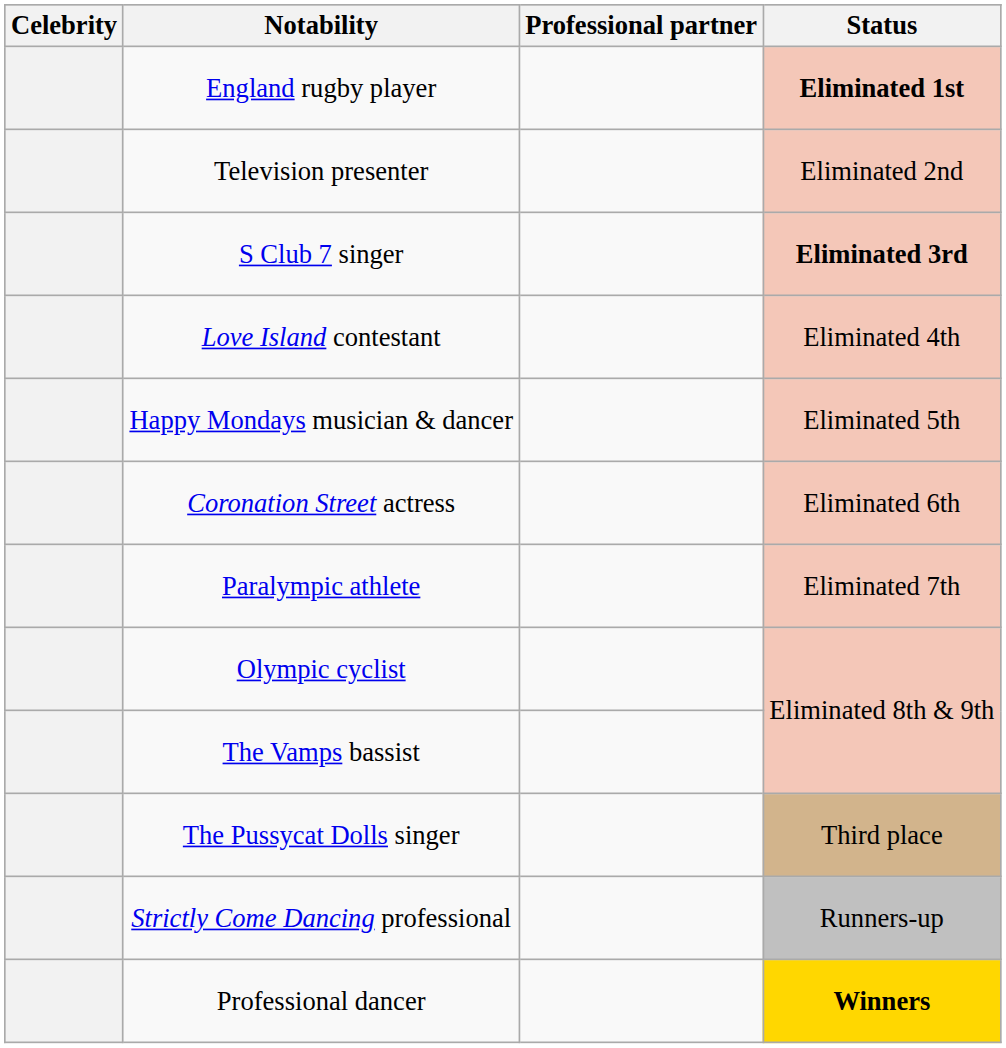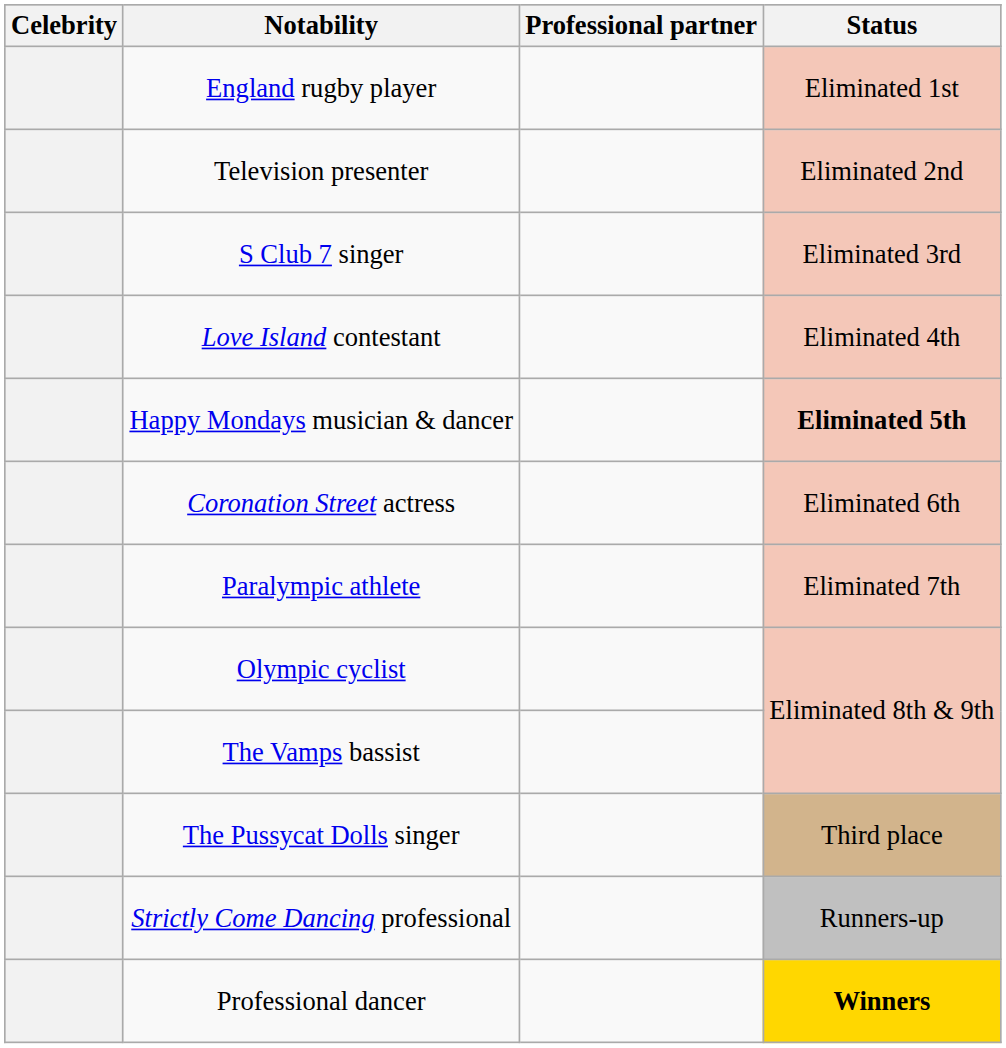 <table class="wikitable sortable" style="text-align:center;">
 <tr>
 <th scope="col">Celebrity</th>
 <th scope="col" class="unsortable">Notability</th>
 <th scope="col">Professional partner</th>
 <th scope="col">Status</th>
 </tr>
 <tr style="height:50px">
 <th scope="row"></th>
 <td><a href='#'>England</a> rugby player</td>
 <td></td>
-<td bgcolor="f4c7b8"><strong>Eliminated 1st<br></strong></td>
+<td bgcolor="f4c7b8">Eliminated 1st<br></td>
 </tr>
 <tr style="height:50px">
 <th scope="row"></th>
 <td>Television presenter</td>
 <td></td>
 <td bgcolor="f4c7b8">Eliminated 2nd<br></td>
 </tr>
 <tr style="height:50px">
 <th scope="row"></th>
 <td><a href='#'>S Club 7</a> singer</td>
 <td></td>
-<td bgcolor="f4c7b8"><strong>Eliminated 3rd<br></strong></td>
+<td bgcolor="f4c7b8">Eliminated 3rd<br></td>
 </tr>
 <tr style="height:50px">
 <th scope="row"></th>
 <td><em><a href='#'>Love Island</a></em> contestant</td>
 <td></td>
 <td bgcolor="f4c7b8">Eliminated 4th<br></td>
 </tr>
 <tr style="height:50px">
 <th scope="row"></th>
 <td><a href='#'>Happy Mondays</a> musician & dancer</td>
 <td></td>
-<td bgcolor="f4c7b8">Eliminated 5th<br></td>
+<td bgcolor="f4c7b8"><strong>Eliminated 5th<br></strong></td>
 </tr>
 <tr style="height:50px">
 <th scope="row"></th>
 <td><em><a href='#'>Coronation Street</a></em> actress</td>
 <td></td>
 <td bgcolor="f4c7b8">Eliminated 6th<br></td>
 </tr>
 <tr style="height:50px">
 <th scope="row"></th>
 <td><a href='#'>Paralympic athlete</a></td>
 <td></td>
 <td bgcolor="f4c7b8">Eliminated 7th<br></td>
 </tr>
 <tr style="height:50px">
 <th scope="row"></th>
 <td><a href='#'>Olympic cyclist</a></td>
 <td></td>
 <td rowspan=2 bgcolor="f4c7b8">Eliminated 8th & 9th<br></td>
 </tr>
 <tr style="height:50px">
 <th scope="row"></th>
 <td><a href='#'>The Vamps</a> bassist</td>
 <td></td>
 </tr>
 <tr style="height:50px">
 <th scope="row"></th>
 <td><a href='#'>The Pussycat Dolls</a> singer</td>
 <td></td>
 <td bgcolor="tan">Third place<br></td>
 </tr>
 <tr style="height:50px">
 <th scope="row"></th>
 <td><em><a href='#'>Strictly Come Dancing</a></em> professional</td>
 <td><br></td>
 <td bgcolor="silver">Runners-up<br></td>
 </tr>
 <tr style="height:50px">
 <th scope="row"></th>
 <td>Professional dancer</td>
 <td></td>
 <td bgcolor="gold"><strong>Winners</strong><br></td>
 </tr>
 </table>
